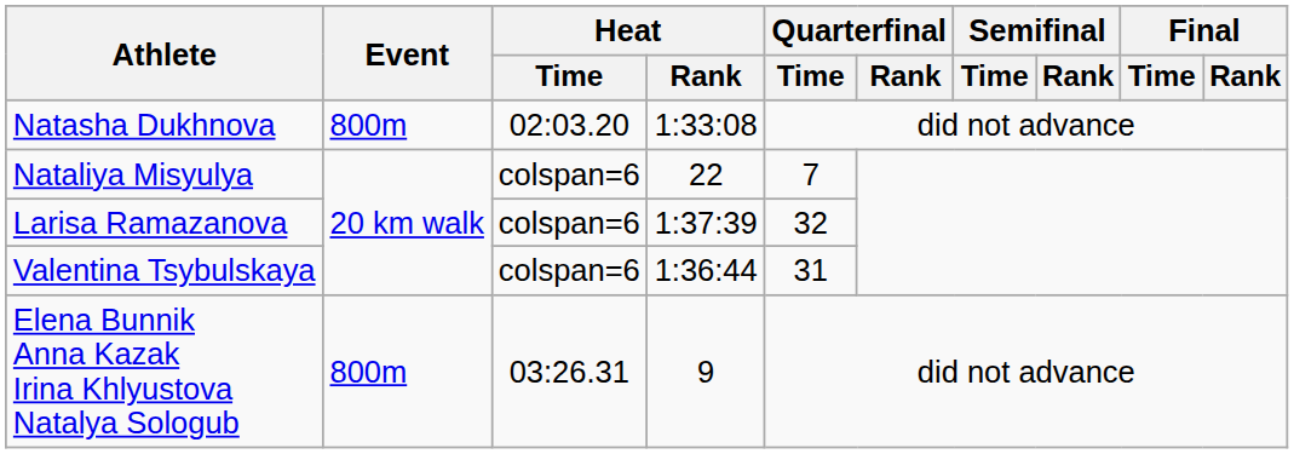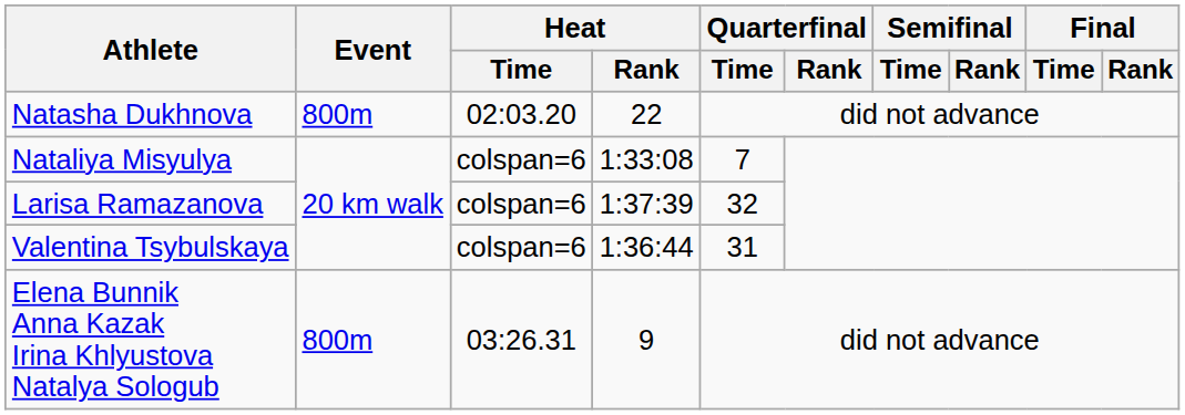 <table class=wikitable style="font-size:90%; text-align:center">
 <tr>
 <th rowspan=2>Athlete</th>
 <th rowspan=2>Event</th>
 <th colspan=2>Heat</th>
 <th colspan=2>Quarterfinal</th>
 <th colspan=2>Semifinal</th>
 <th colspan=2>Final</th>
 </tr>
 <tr style=font-size:95%>
 <th>Time</th>
 <th>Rank</th>
 <th>Time</th>
 <th>Rank</th>
 <th>Time</th>
 <th>Rank</th>
 <th>Time</th>
 <th>Rank</th>
 </tr>
 <tr>
 <td align=left><a href='#'>Natasha Dukhnova</a></td>
 <td align=left><a href='#'>800m</a></td>
 <td>02:03.20</td>
-<td>1:33:08</td>
+<td>22</td>
 <td colspan=6>did not advance</td>
 </tr>
 <tr>
 <td align=left><a href='#'>Nataliya Misyulya</a></td>
 <td align=left rowspan=3><a href='#'>20 km walk</a></td>
 <td>colspan=6 </td>
-<td>22</td>
+<td>1:33:08</td>
 <td>7</td>
 </tr>
 <tr>
 <td align=left><a href='#'>Larisa Ramazanova</a></td>
 <td>colspan=6 </td>
 <td>1:37:39</td>
 <td>32</td>
 </tr>
 <tr>
 <td align=left><a href='#'>Valentina Tsybulskaya</a></td>
 <td>colspan=6 </td>
 <td>1:36:44</td>
 <td>31</td>
 </tr>
 <tr>
 <td align=left><a href='#'>Elena Bunnik</a><br><a href='#'>Anna Kazak</a><br><a href='#'>Irina Khlyustova</a><br><a href='#'>Natalya Sologub</a></td>
 <td align=left><a href='#'>800m</a></td>
 <td>03:26.31</td>
 <td>9</td>
 <td colspan=6>did not advance</td>
 </tr>
 </table>
